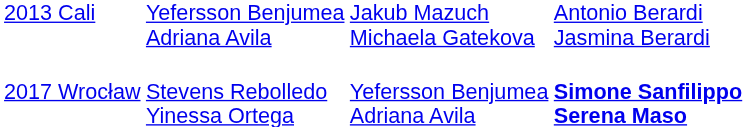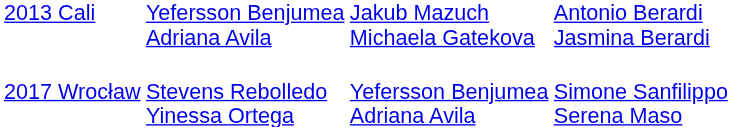 <table>
 <tr>
 <td><a href='#'>2013 Cali</a></td>
 <td><br><a href='#'>Yefersson Benjumea</a><br><a href='#'>Adriana Avila</a></td>
 <td><br><a href='#'>Jakub Mazuch</a><br><a href='#'>Michaela Gatekova</a></td>
 <td><br><a href='#'>Antonio Berardi</a><br><a href='#'>Jasmina Berardi</a></td>
 </tr>
 <tr>
 <td><a href='#'>2017 Wrocław</a></td>
 <td><br><a href='#'>Stevens Rebolledo</a><br><a href='#'>Yinessa Ortega</a></td>
 <td><br><a href='#'>Yefersson Benjumea</a><br><a href='#'>Adriana Avila</a></td>
-<td><strong><br><a href='#'>Simone Sanfilippo</a><br><a href='#'>Serena Maso</a></strong></td>
+<td><br><a href='#'>Simone Sanfilippo</a><br><a href='#'>Serena Maso</a></td>
 </tr>
 </table>
